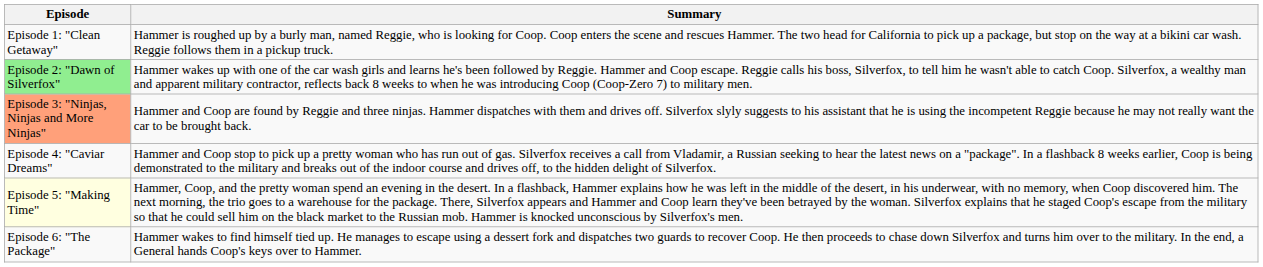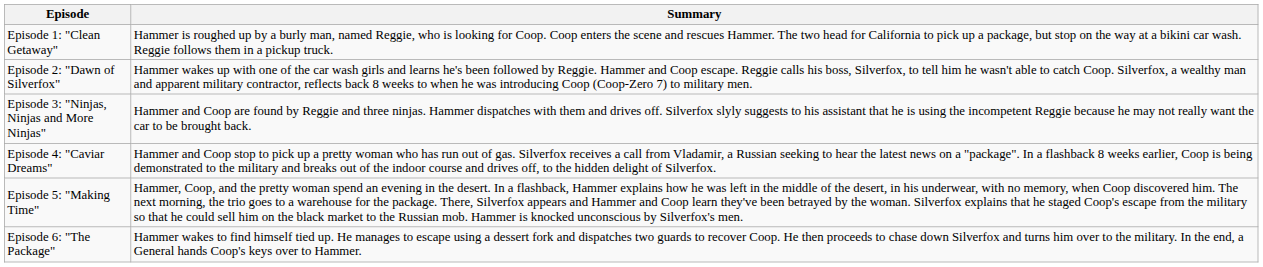 <table class="wikitable">
 <tr>
 <th>Episode</th>
 <th>Summary</th>
 </tr>
 <tr>
 <td>Episode 1: "Clean Getaway"</td>
 <td>Hammer is roughed up by a burly man, named Reggie, who is looking for Coop.  Coop enters the scene and rescues Hammer.  The two head for California to pick up a package, but stop on the way at a bikini car wash.  Reggie follows them in a pickup truck.</td>
 </tr>
 <tr>
-<td style="background: lightgreen;">Episode 2: "Dawn of Silverfox"</td>
+<td>Episode 2: "Dawn of Silverfox"</td>
 <td>Hammer wakes up with one of the car wash girls and learns he's been followed by Reggie.  Hammer and Coop escape.  Reggie calls his boss, Silverfox, to tell him he wasn't able to catch Coop.  Silverfox, a wealthy man and apparent military contractor, reflects back 8 weeks to when he was introducing Coop (Coop-Zero 7) to military men.</td>
 </tr>
 <tr>
-<td style="background: lightsalmon;">Episode 3: "Ninjas, Ninjas and More Ninjas"</td>
+<td>Episode 3: "Ninjas, Ninjas and More Ninjas"</td>
 <td>Hammer and Coop are found by Reggie and three ninjas.  Hammer dispatches with them and drives off.  Silverfox slyly suggests to his assistant that he is using the incompetent Reggie because he may not really want the car to be brought back.</td>
 </tr>
 <tr>
 <td>Episode 4: "Caviar Dreams"</td>
 <td>Hammer and Coop stop to pick up a pretty woman who has run out of gas.  Silverfox receives a call from Vladamir, a Russian seeking to hear the latest news on a "package".  In a flashback 8 weeks earlier, Coop is being demonstrated to the military and breaks out of the indoor course and drives off, to the hidden delight of Silverfox.</td>
 </tr>
 <tr>
-<td style="background: lightyellow;">Episode 5: "Making Time"</td>
+<td>Episode 5: "Making Time"</td>
 <td>Hammer, Coop, and the pretty woman spend an evening in the desert.  In a flashback, Hammer explains how he was left in the middle of the desert, in his underwear, with no memory, when Coop discovered him.  The next morning, the trio goes to a warehouse for the package.  There, Silverfox appears and Hammer and Coop learn they've been betrayed by the woman.  Silverfox explains that he staged Coop's escape from the military so that he could sell him on the black market to the Russian mob.  Hammer is knocked unconscious by Silverfox's men.</td>
 </tr>
 <tr>
 <td>Episode 6: "The Package"</td>
 <td>Hammer wakes to find himself tied up.  He manages to escape using a dessert fork and dispatches two guards to recover Coop.  He then proceeds to chase down Silverfox and turns him over to the military.  In the end, a General hands Coop's keys over to Hammer.</td>
 </tr>
 </table>
